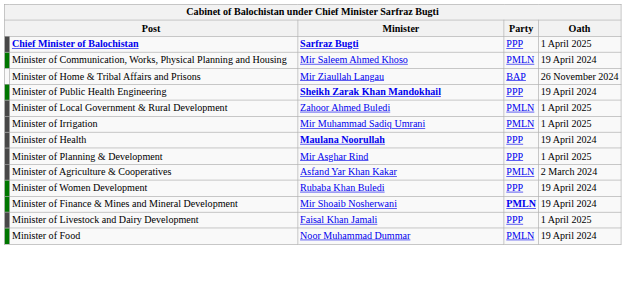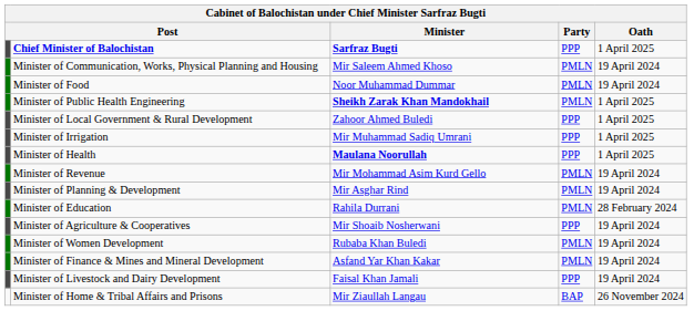 <table class="wikitable">
 <tr>
 <th colspan="5">Cabinet of Balochistan under Chief Minister Sarfraz Bugti</th>
 </tr>
 <tr>
 <th colspan="2">Post</th>
 <th>Minister</th>
 <th>Party</th>
 <th>Oath</th>
 </tr>
 <tr>
 <td style="width:1px;; background:#484848;"></td>
 <td width="450"><strong><a href='#'>Chief Minister of Balochistan</a></strong></td>
 <td width="320"><strong><a href='#'>Sarfraz Bugti</a></strong></td>
 <td><a href='#'>PPP</a></td>
 <td>1 April 2025</td>
 </tr>
 <tr>
 <td style="width:1px;; background:#070;"></td>
 <td>Minister of Communication, Works, Physical Planning and Housing</td>
 <td><a href='#'>Mir Saleem Ahmed Khoso</a></td>
 <td><a href='#'>PMLN</a></td>
 <td>19 April 2024</td>
 </tr>
 <tr>
-<td style="width:1px;; background:"></td>
-<td>Minister of Home & Tribal Affairs and Prisons</td>
-<td width="320"><a href='#'>Mir Ziaullah Langau</a></td>
-<td><a href='#'>BAP</a></td>
-<td>26 November 2024</td>
+<td style="width:1px;; background:#070;"></td>
+<td>Minister of Food</td>
+<td><a href='#'>Noor Muhammad Dummar</a></td>
+<td><a href='#'>PMLN</a></td>
+<td>19 April 2024</td>
 </tr>
 <tr>
 <td style="width:1px;; background:#070;"></td>
 <td>Minister of Public Health Engineering</td>
 <td><strong><a href='#'>Sheikh Zarak Khan Mandokhail</a></strong></td>
-<td><a href='#'>PPP</a></td>
-<td>19 April 2024</td>
+<td><a href='#'>PMLN</a></td>
+<td>1 April 2025</td>
 </tr>
 <tr>
 <td style="width:1px;; background:#484848;"></td>
 <td>Minister of Local Government & Rural Development</td>
 <td><a href='#'>Zahoor Ahmed Buledi</a></td>
-<td><a href='#'>PMLN</a></td>
+<td><a href='#'>PPP</a></td>
 <td>1 April 2025</td>
 </tr>
 <tr>
 <td style="width:1px;; background:#484848;"></td>
 <td>Minister of Irrigation</td>
 <td><a href='#'>Mir Muhammad Sadiq Umrani</a></td>
-<td><a href='#'>PMLN</a></td>
+<td><a href='#'>PPP</a></td>
 <td>1 April 2025</td>
 </tr>
 <tr>
 <td style="width:1px;; background:#484848;"></td>
 <td style="width:450px;">Minister of Health</td>
 <td><strong><a href='#'>Maulana Noorullah</a></strong></td>
 <td><a href='#'>PPP</a></td>
+<td>1 April 2025</td>
+</tr>
+<tr>
+<td style="width:1px;; background:#070;"></td>
+<td>Minister of Revenue</td>
+<td><a href='#'>Mir Mohammad Asim Kurd Gello</a></td>
+<td><a href='#'>PMLN</a></td>
 <td>19 April 2024</td>
 </tr>
 <tr>
 <td style="width:1px;; background:#484848;"></td>
 <td>Minister of Planning & Development</td>
 <td><a href='#'>Mir Asghar Rind</a></td>
-<td><a href='#'>PPP</a></td>
-<td>1 April 2025</td>
+<td><a href='#'>PMLN</a></td>
+<td>19 April 2024</td>
+</tr>
+<tr>
+<td style="width:1px;; background:#070;"></td>
+<td style="width:450px;">Minister of Education</td>
+<td><a href='#'>Rahila Durrani</a></td>
+<td><a href='#'>PMLN</a></td>
+<td>28 February 2024</td>
 </tr>
 <tr>
 <td style="width:1px;; background:#484848;"></td>
 <td>Minister of Agriculture & Cooperatives</td>
-<td><a href='#'>Asfand Yar Khan Kakar</a></td>
-<td><a href='#'>PMLN</a></td>
-<td>2 March 2024</td>
+<td><a href='#'>Mir Shoaib Nosherwani</a></td>
+<td><a href='#'>PPP</a></td>
+<td>19 April 2024</td>
 </tr>
 <tr>
 <td style="width:1px;; background:#070;"></td>
 <td>Minister of Women Development</td>
 <td><a href='#'>Rubaba Khan Buledi</a></td>
-<td><a href='#'>PPP</a></td>
+<td><a href='#'>PMLN</a></td>
 <td>19 April 2024</td>
 </tr>
 <tr>
 <td style="width:1px;; background:#070;"></td>
 <td>Minister of Finance & Mines and Mineral Development</td>
-<td><a href='#'>Mir Shoaib Nosherwani</a></td>
-<td><strong><a href='#'>PMLN</a></strong></td>
+<td><a href='#'>Asfand Yar Khan Kakar</a></td>
+<td><a href='#'>PMLN</a></td>
 <td>19 April 2024</td>
 </tr>
 <tr>
 <td style="width:1px;; background:#484848;"></td>
 <td>Minister of Livestock and Dairy Development</td>
 <td><a href='#'>Faisal Khan Jamali</a></td>
 <td><a href='#'>PPP</a></td>
-<td>1 April 2025</td>
+<td>19 April 2024</td>
 </tr>
 <tr>
-<td style="width:1px;; background:#070;"></td>
-<td>Minister of Food</td>
-<td><a href='#'>Noor Muhammad Dummar</a></td>
-<td><a href='#'>PMLN</a></td>
-<td>19 April 2024</td>
+<td style="width:1px;; background:"></td>
+<td>Minister of Home & Tribal Affairs and Prisons</td>
+<td width="320"><a href='#'>Mir Ziaullah Langau</a></td>
+<td><a href='#'>BAP</a></td>
+<td>26 November 2024</td>
 </tr>
 </table>
